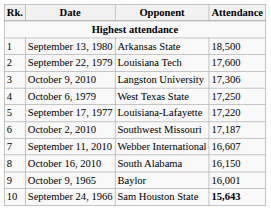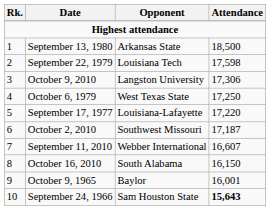 <table class="wikitable">
 <tr>
 <th>Rk.</th>
 <th>Date</th>
 <th>Opponent</th>
 <th>Attendance</th>
 </tr>
 <tr>
 </tr>
 <tr>
 <td align="center" Colspan="4"><strong>Highest attendance</strong></td>
 </tr>
 <tr>
 <td>1</td>
 <td>September 13, 1980</td>
 <td>Arkansas State</td>
 <td>18,500</td>
 </tr>
 <tr>
 <td>2</td>
 <td>September 22, 1979</td>
 <td>Louisiana Tech</td>
-<td>17,600</td>
+<td>17,598</td>
 </tr>
 <tr>
 <td>3</td>
 <td>October 9, 2010</td>
 <td>Langston University</td>
 <td>17,306</td>
 </tr>
 <tr>
 <td>4</td>
 <td>October 6, 1979</td>
 <td>West Texas State</td>
 <td>17,250</td>
 </tr>
 <tr>
 <td>5</td>
 <td>September 17, 1977</td>
 <td>Louisiana-Lafayette</td>
 <td>17,220</td>
 </tr>
 <tr>
 <td>6</td>
 <td>October 2, 2010</td>
 <td>Southwest Missouri</td>
 <td>17,187</td>
 </tr>
 <tr>
 <td>7</td>
 <td>September 11, 2010</td>
 <td>Webber International</td>
 <td>16,607</td>
 </tr>
 <tr>
 <td>8</td>
 <td>October 16, 2010</td>
 <td>South Alabama</td>
 <td>16,150</td>
 </tr>
 <tr>
 <td>9</td>
 <td>October 9, 1965</td>
 <td>Baylor</td>
 <td>16,001</td>
 </tr>
 <tr>
 <td>10</td>
 <td>September 24, 1966</td>
 <td>Sam Houston State</td>
 <td><strong>15,643</strong></td>
 </tr>
 </table>
